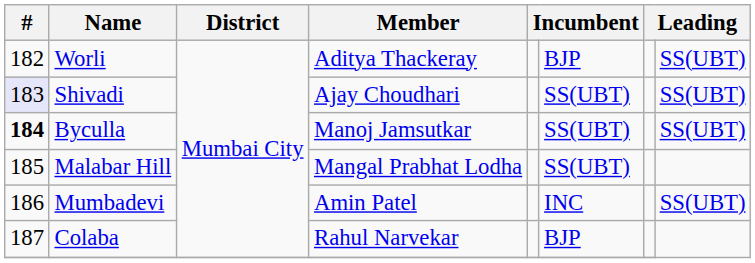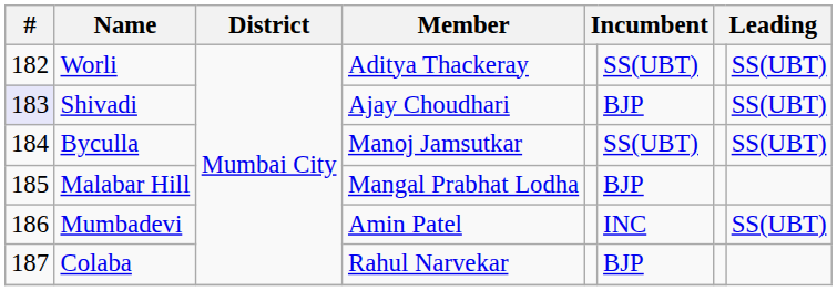 <table class="wikitable">
 <tr>
 <th>#</th>
 <th>Name</th>
 <th>District</th>
 <th>Member</th>
 <th colspan="2">Incumbent<br></th>
 <th colspan=2>Leading<br></th>
 </tr>
 <tr>
 <td>182</td>
 <td><a href='#'>Worli</a></td>
 <td rowspan="6"><a href='#'>Mumbai City</a></td>
 <td><a href='#'>Aditya Thackeray</a></td>
 <td></td>
-<td><a href='#'>BJP</a></td>
+<td><a href='#'>SS(UBT)</a></td>
 <td></td>
 <td><a href='#'>SS(UBT)</a></td>
 </tr>
 <tr>
 <td style="background: lavender;">183</td>
 <td><a href='#'>Shivadi</a></td>
 <td><a href='#'>Ajay Choudhari</a></td>
 <td></td>
-<td><a href='#'>SS(UBT)</a></td>
+<td><a href='#'>BJP</a></td>
 <td></td>
 <td><a href='#'>SS(UBT)</a></td>
 </tr>
 <tr>
-<td><strong>184</strong></td>
+<td>184</td>
 <td><a href='#'>Byculla</a></td>
 <td><a href='#'>Manoj Jamsutkar</a></td>
 <td></td>
 <td><a href='#'>SS(UBT)</a></td>
 <td></td>
 <td><a href='#'>SS(UBT)</a></td>
 </tr>
 <tr>
 <td>185</td>
 <td><a href='#'>Malabar Hill</a></td>
 <td><a href='#'>Mangal Prabhat Lodha</a></td>
 <td></td>
-<td><a href='#'>SS(UBT)</a></td>
+<td><a href='#'>BJP</a></td>
 <td></td>
 </tr>
 <tr>
 <td>186</td>
 <td><a href='#'>Mumbadevi</a></td>
 <td><a href='#'>Amin Patel</a></td>
 <td></td>
 <td><a href='#'>INC</a></td>
 <td></td>
 <td><a href='#'>SS(UBT)</a></td>
 </tr>
 <tr>
 <td>187</td>
 <td><a href='#'>Colaba</a></td>
 <td><a href='#'>Rahul Narvekar</a></td>
 <td></td>
 <td><a href='#'>BJP</a></td>
 <td></td>
 </tr>
 <tr>
 </tr>
 </table>
